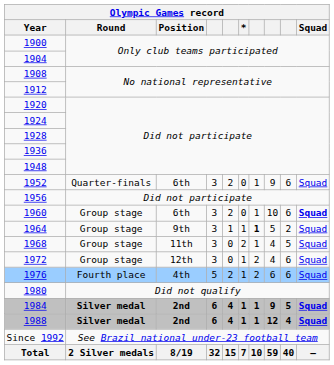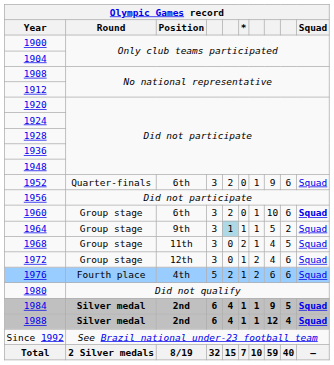 <table class="wikitable" style="text-align: center;">
 <tr>
 <th colspan=10><a href='#'>Olympic Games</a> record</th>
 </tr>
 <tr>
 <th>Year</th>
 <th>Round</th>
 <th>Position</th>
 <th></th>
 <th></th>
 <th>*</th>
 <th></th>
 <th></th>
 <th></th>
 <th>Squad</th>
 </tr>
 <tr>
 <td> <a href='#'>1900</a></td>
 <td colspan=9 rowspan=2><em>Only club teams participated</em></td>
 </tr>
 <tr>
 <td> <a href='#'>1904</a></td>
 </tr>
 <tr>
 <td> <a href='#'>1908</a></td>
 <td colspan=9 rowspan=2><em>No national representative</em></td>
 </tr>
 <tr>
 <td> <a href='#'>1912</a></td>
 </tr>
 <tr>
 <td> <a href='#'>1920</a></td>
 <td colspan=9 rowspan=5><em>Did not participate</em></td>
 </tr>
 <tr>
 <td> <a href='#'>1924</a></td>
 </tr>
 <tr>
 <td> <a href='#'>1928</a></td>
 </tr>
 <tr>
 <td> <a href='#'>1936</a></td>
 </tr>
 <tr>
 <td> <a href='#'>1948</a></td>
 </tr>
 <tr>
 <td> <a href='#'>1952</a></td>
 <td>Quarter-finals</td>
 <td>6th</td>
 <td>3</td>
 <td>2</td>
 <td>0</td>
 <td>1</td>
 <td>9</td>
 <td>6</td>
 <td><a href='#'>Squad</a></td>
 </tr>
 <tr>
 <td> <a href='#'>1956</a></td>
 <td colspan=9><em>Did not participate</em></td>
 </tr>
 <tr>
 <td> <a href='#'>1960</a></td>
 <td>Group stage</td>
 <td>6th</td>
 <td>3</td>
 <td>2</td>
 <td>0</td>
 <td>1</td>
 <td>10</td>
 <td>6</td>
 <td><strong><a href='#'>Squad</a></strong></td>
 </tr>
 <tr>
 <td> <a href='#'>1964</a></td>
 <td>Group stage</td>
 <td>9th</td>
 <td>3</td>
+<td style="background: lightblue;">1</td>
 <td>1</td>
 <td>1</td>
-<td><strong>1</strong></td>
 <td>5</td>
 <td>2</td>
 <td><a href='#'>Squad</a></td>
 </tr>
 <tr>
 <td> <a href='#'>1968</a></td>
 <td>Group stage</td>
 <td>11th</td>
 <td>3</td>
 <td>0</td>
 <td>2</td>
 <td>1</td>
 <td>4</td>
 <td>5</td>
 <td><a href='#'>Squad</a></td>
 </tr>
 <tr>
 <td> <a href='#'>1972</a></td>
 <td>Group stage</td>
 <td>12th</td>
 <td>3</td>
 <td>0</td>
 <td>1</td>
 <td>2</td>
 <td>4</td>
 <td>6</td>
 <td><a href='#'>Squad</a></td>
 </tr>
 <tr style="background:#9acdff;">
 <td> <a href='#'>1976</a></td>
 <td>Fourth place</td>
 <td>4th</td>
 <td>5</td>
 <td>2</td>
 <td>1</td>
 <td>2</td>
 <td>6</td>
 <td>6</td>
 <td><a href='#'>Squad</a></td>
 </tr>
 <tr>
 <td> <a href='#'>1980</a></td>
 <td colspan=9><em>Did not qualify</em></td>
 </tr>
 <tr style="background:Silver;">
 <td> <a href='#'>1984</a></td>
 <td><strong>Silver medal</strong></td>
 <td><strong>2nd</strong></td>
 <td><strong>6</strong></td>
 <td><strong>4</strong></td>
 <td><strong>1</strong></td>
 <td><strong>1</strong></td>
 <td><strong>9</strong></td>
 <td><strong>5</strong></td>
 <td><strong><a href='#'>Squad</a></strong></td>
 </tr>
 <tr style="background:Silver;">
 <td> <a href='#'>1988</a></td>
 <td><strong>Silver medal</strong></td>
 <td><strong>2nd</strong></td>
 <td><strong>6</strong></td>
 <td><strong>4</strong></td>
 <td><strong>1</strong></td>
 <td><strong>1</strong></td>
 <td><strong>12</strong></td>
 <td><strong>4</strong></td>
 <td><strong><a href='#'>Squad</a></strong></td>
 </tr>
 <tr>
 <td>Since <a href='#'>1992</a></td>
 <td colspan=9><em>See <a href='#'>Brazil national under-23 football team</a></em></td>
 </tr>
 <tr>
 <th>Total</th>
 <th>2 Silver medals</th>
 <th>8/19</th>
 <th>32</th>
 <th>15</th>
 <th>7</th>
 <th>10</th>
 <th>59</th>
 <th>40</th>
 <th>—</th>
 </tr>
 </table>
